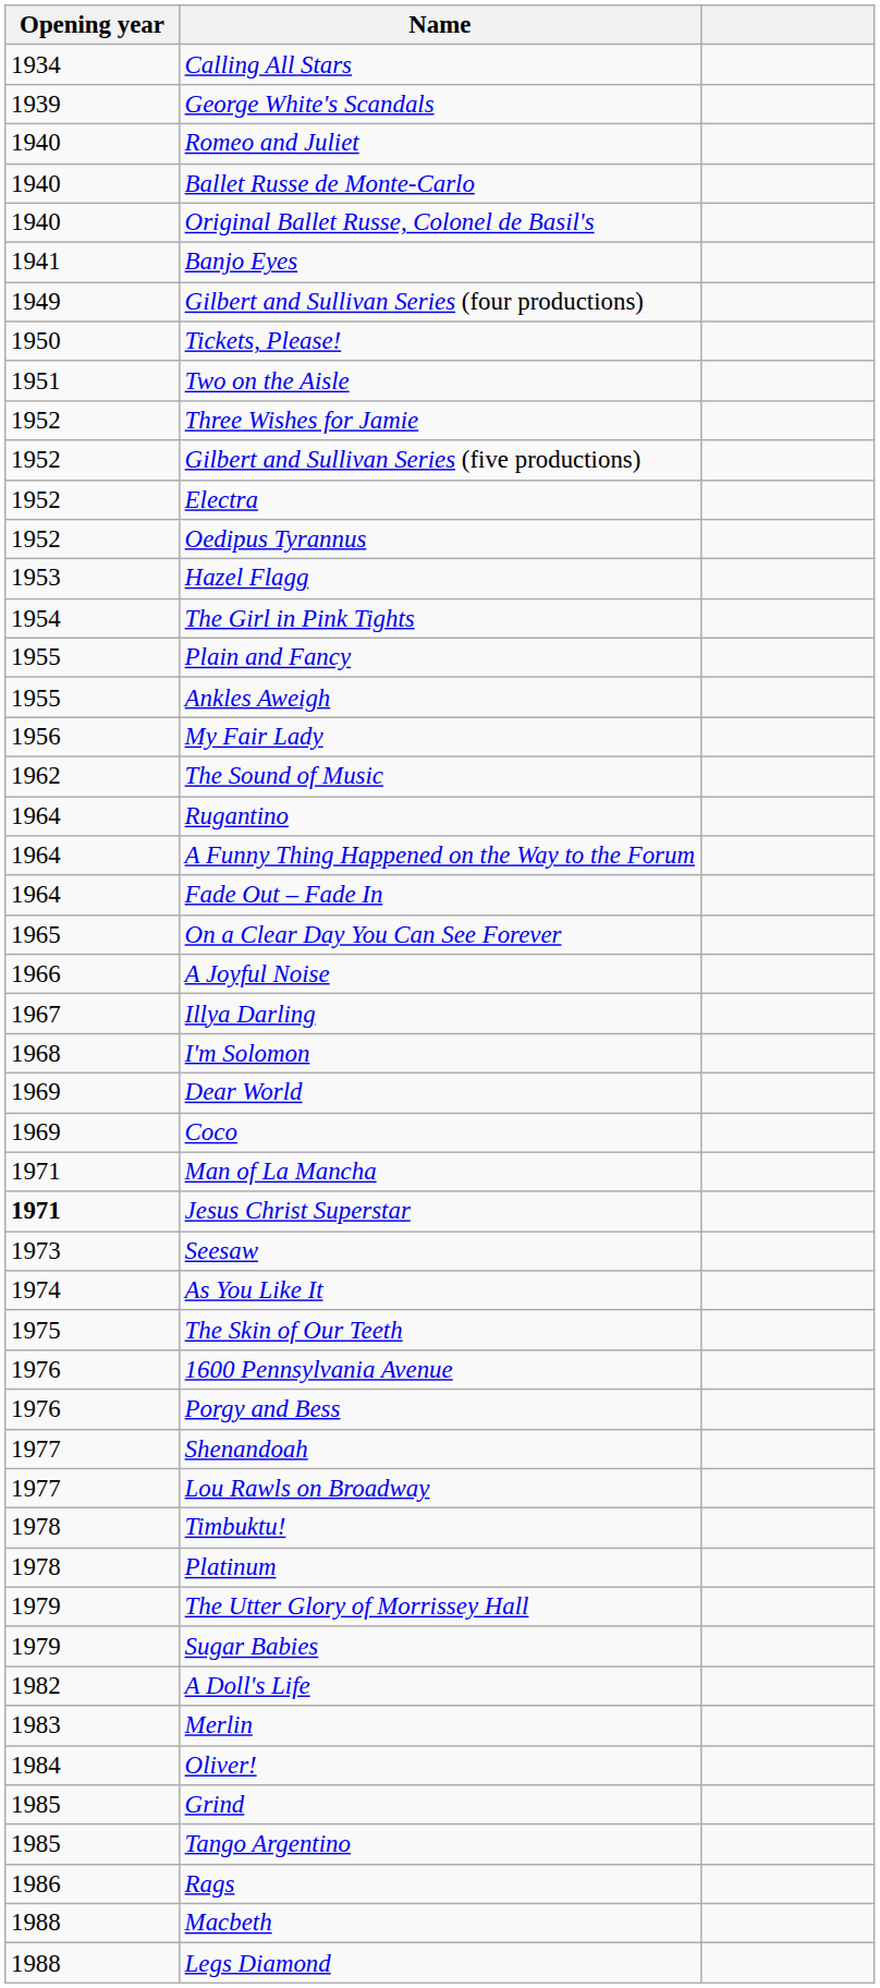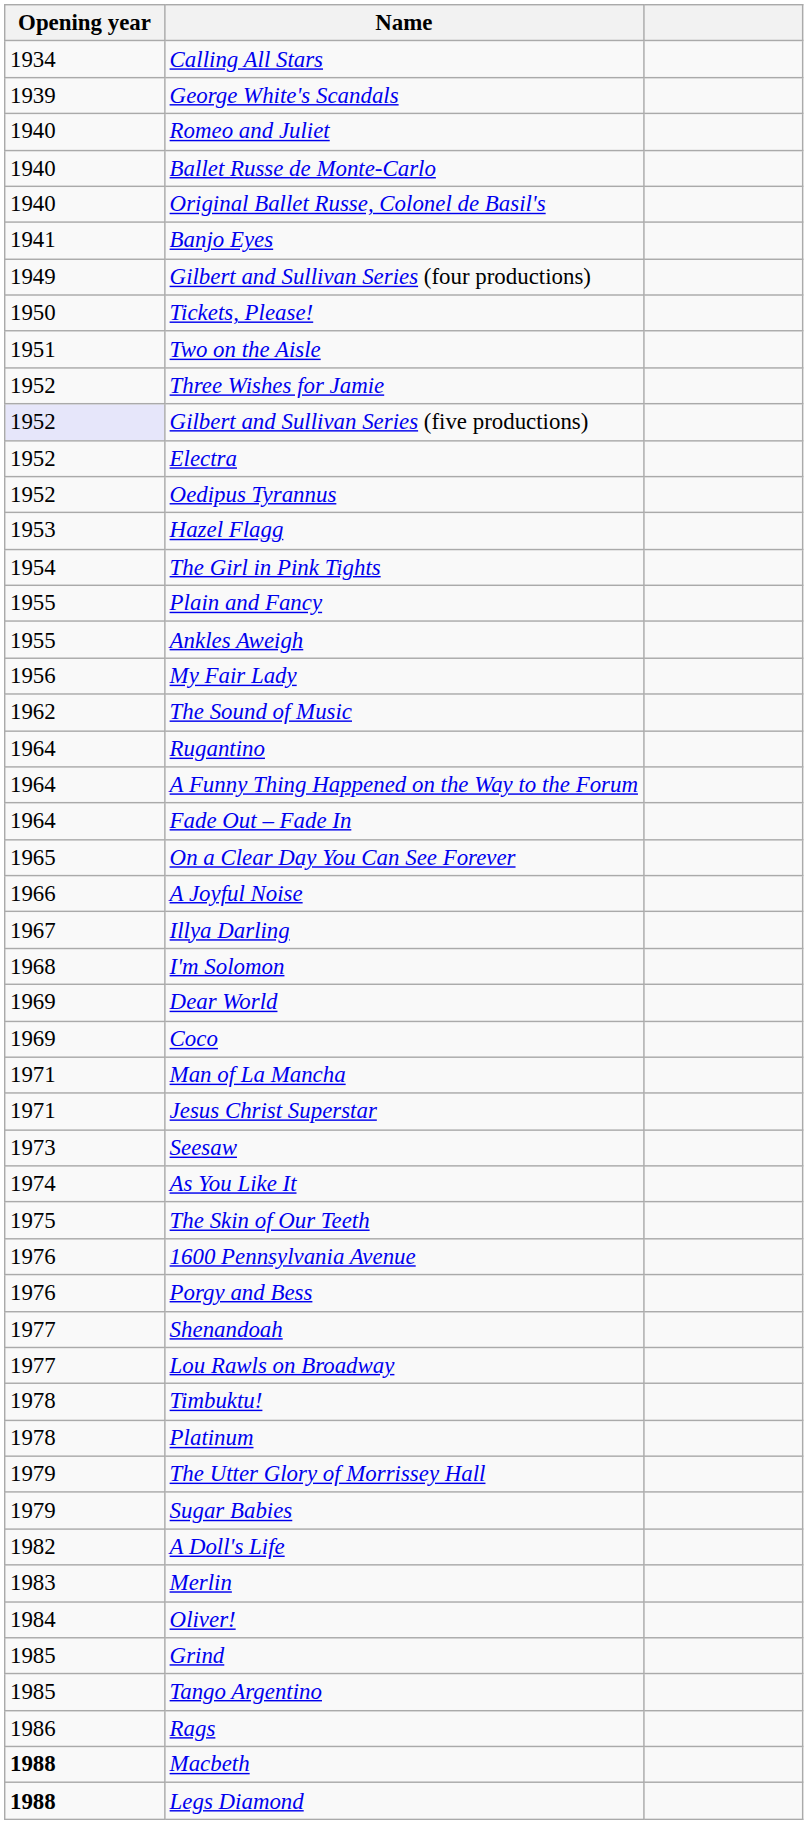 <table class="wikitable sortable collapsible">
 <tr>
 <th width=20% scope="col">Opening year</th>
 <th width=60% scope="col">Name</th>
 <th width=20% scope="col" class="unsortable"></th>
 </tr>
 <tr>
 <td>1934</td>
 <td><em><a href='#'>Calling All Stars</a></em></td>
 <td></td>
 </tr>
 <tr>
 <td>1939</td>
 <td><em><a href='#'>George White's Scandals</a></em></td>
 <td></td>
 </tr>
 <tr>
 <td>1940</td>
 <td><em><a href='#'>Romeo and Juliet</a></em></td>
 <td></td>
 </tr>
 <tr>
 <td>1940</td>
 <td><em><a href='#'>Ballet Russe de Monte-Carlo</a></em></td>
 <td></td>
 </tr>
 <tr>
 <td>1940</td>
 <td><em><a href='#'>Original Ballet Russe, Colonel de Basil's</a></em></td>
 <td></td>
 </tr>
 <tr>
 <td>1941</td>
 <td><em><a href='#'>Banjo Eyes</a></em></td>
 <td></td>
 </tr>
 <tr>
 <td>1949</td>
 <td><em><a href='#'>Gilbert and Sullivan Series</a></em> (four productions)</td>
 <td></td>
 </tr>
 <tr>
 <td>1950</td>
 <td><em><a href='#'>Tickets, Please!</a></em></td>
 <td></td>
 </tr>
 <tr>
 <td>1951</td>
 <td><em><a href='#'>Two on the Aisle</a></em></td>
 <td></td>
 </tr>
 <tr>
 <td>1952</td>
 <td><em><a href='#'>Three Wishes for Jamie</a></em></td>
 <td></td>
 </tr>
 <tr>
-<td>1952</td>
+<td style="background: lavender;">1952</td>
 <td><em><a href='#'>Gilbert and Sullivan Series</a></em> (five productions)</td>
 <td></td>
 </tr>
 <tr>
 <td>1952</td>
 <td><em><a href='#'>Electra</a></em></td>
 <td></td>
 </tr>
 <tr>
 <td>1952</td>
 <td><em><a href='#'>Oedipus Tyrannus</a></em></td>
 <td></td>
 </tr>
 <tr>
 <td>1953</td>
 <td><em><a href='#'>Hazel Flagg</a></em></td>
 <td></td>
 </tr>
 <tr>
 <td>1954</td>
 <td><em><a href='#'>The Girl in Pink Tights</a></em></td>
 <td></td>
 </tr>
 <tr>
 <td>1955</td>
 <td><em><a href='#'>Plain and Fancy</a></em></td>
 <td></td>
 </tr>
 <tr>
 <td>1955</td>
 <td><em><a href='#'>Ankles Aweigh</a></em></td>
 <td></td>
 </tr>
 <tr>
 <td>1956</td>
 <td><em><a href='#'>My Fair Lady</a></em></td>
 <td></td>
 </tr>
 <tr>
 <td>1962</td>
 <td><em><a href='#'>The Sound of Music</a></em></td>
 <td></td>
 </tr>
 <tr>
 <td>1964</td>
 <td><em><a href='#'>Rugantino</a></em></td>
 <td></td>
 </tr>
 <tr>
 <td>1964</td>
 <td><em><a href='#'>A Funny Thing Happened on the Way to the Forum</a></em></td>
 <td></td>
 </tr>
 <tr>
 <td>1964</td>
 <td><em><a href='#'>Fade Out – Fade In</a></em></td>
 <td></td>
 </tr>
 <tr>
 <td>1965</td>
 <td><em><a href='#'>On a Clear Day You Can See Forever</a></em></td>
 <td></td>
 </tr>
 <tr>
 <td>1966</td>
 <td><em><a href='#'>A Joyful Noise</a></em></td>
 <td></td>
 </tr>
 <tr>
 <td>1967</td>
 <td><em><a href='#'>Illya Darling</a></em></td>
 <td></td>
 </tr>
 <tr>
 <td>1968</td>
 <td><em><a href='#'>I'm Solomon</a></em></td>
 <td></td>
 </tr>
 <tr>
 <td>1969</td>
 <td><em><a href='#'>Dear World</a></em></td>
 <td></td>
 </tr>
 <tr>
 <td>1969</td>
 <td><em><a href='#'>Coco</a></em></td>
 <td></td>
 </tr>
 <tr>
 <td>1971</td>
 <td><em><a href='#'>Man of La Mancha</a></em></td>
 <td></td>
 </tr>
 <tr>
-<td><strong>1971</strong></td>
+<td>1971</td>
 <td><em><a href='#'>Jesus Christ Superstar</a></em></td>
 <td></td>
 </tr>
 <tr>
 <td>1973</td>
 <td><em><a href='#'>Seesaw</a></em></td>
 <td></td>
 </tr>
 <tr>
 <td>1974</td>
 <td><em><a href='#'>As You Like It</a></em></td>
 <td></td>
 </tr>
 <tr>
 <td>1975</td>
 <td><em><a href='#'>The Skin of Our Teeth</a></em></td>
 <td></td>
 </tr>
 <tr>
 <td>1976</td>
 <td><em><a href='#'>1600 Pennsylvania Avenue</a></em></td>
 <td></td>
 </tr>
 <tr>
 <td>1976</td>
 <td><em><a href='#'>Porgy and Bess</a></em></td>
 <td></td>
 </tr>
 <tr>
 <td>1977</td>
 <td><em><a href='#'>Shenandoah</a></em></td>
 <td></td>
 </tr>
 <tr>
 <td>1977</td>
 <td><em><a href='#'>Lou Rawls on Broadway</a></em></td>
 <td></td>
 </tr>
 <tr>
 <td>1978</td>
 <td><em><a href='#'>Timbuktu!</a></em></td>
 <td></td>
 </tr>
 <tr>
 <td>1978</td>
 <td><em><a href='#'>Platinum</a></em></td>
 <td></td>
 </tr>
 <tr>
 <td>1979</td>
 <td><em><a href='#'>The Utter Glory of Morrissey Hall</a></em></td>
 <td></td>
 </tr>
 <tr>
 <td>1979</td>
 <td><em><a href='#'>Sugar Babies</a></em></td>
 <td></td>
 </tr>
 <tr>
 <td>1982</td>
 <td><em><a href='#'>A Doll's Life</a></em></td>
 <td></td>
 </tr>
 <tr>
 <td>1983</td>
 <td><em><a href='#'>Merlin</a></em></td>
 <td></td>
 </tr>
 <tr>
 <td>1984</td>
 <td><em><a href='#'>Oliver!</a></em></td>
 <td></td>
 </tr>
 <tr>
 <td>1985</td>
 <td><em><a href='#'>Grind</a></em></td>
 <td></td>
 </tr>
 <tr>
 <td>1985</td>
 <td><em><a href='#'>Tango Argentino</a></em></td>
 <td></td>
 </tr>
 <tr>
 <td>1986</td>
 <td><em><a href='#'>Rags</a></em></td>
 <td></td>
 </tr>
 <tr>
-<td>1988</td>
+<td><strong>1988</strong></td>
 <td><em><a href='#'>Macbeth</a></em></td>
 <td></td>
 </tr>
 <tr>
-<td>1988</td>
+<td><strong>1988</strong></td>
 <td><em><a href='#'>Legs Diamond</a></em></td>
 <td></td>
 </tr>
 </table>
